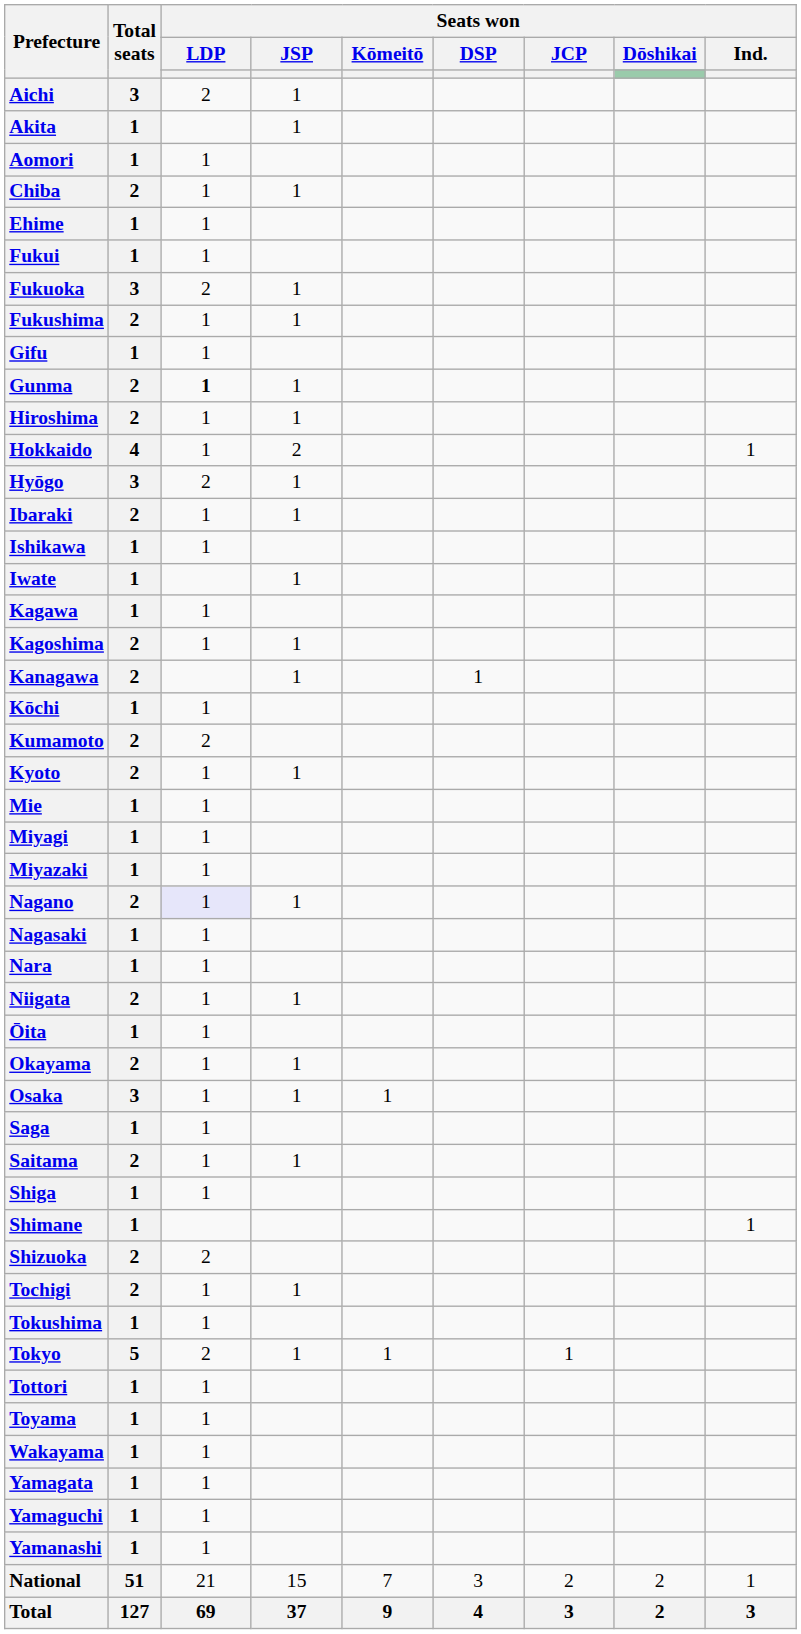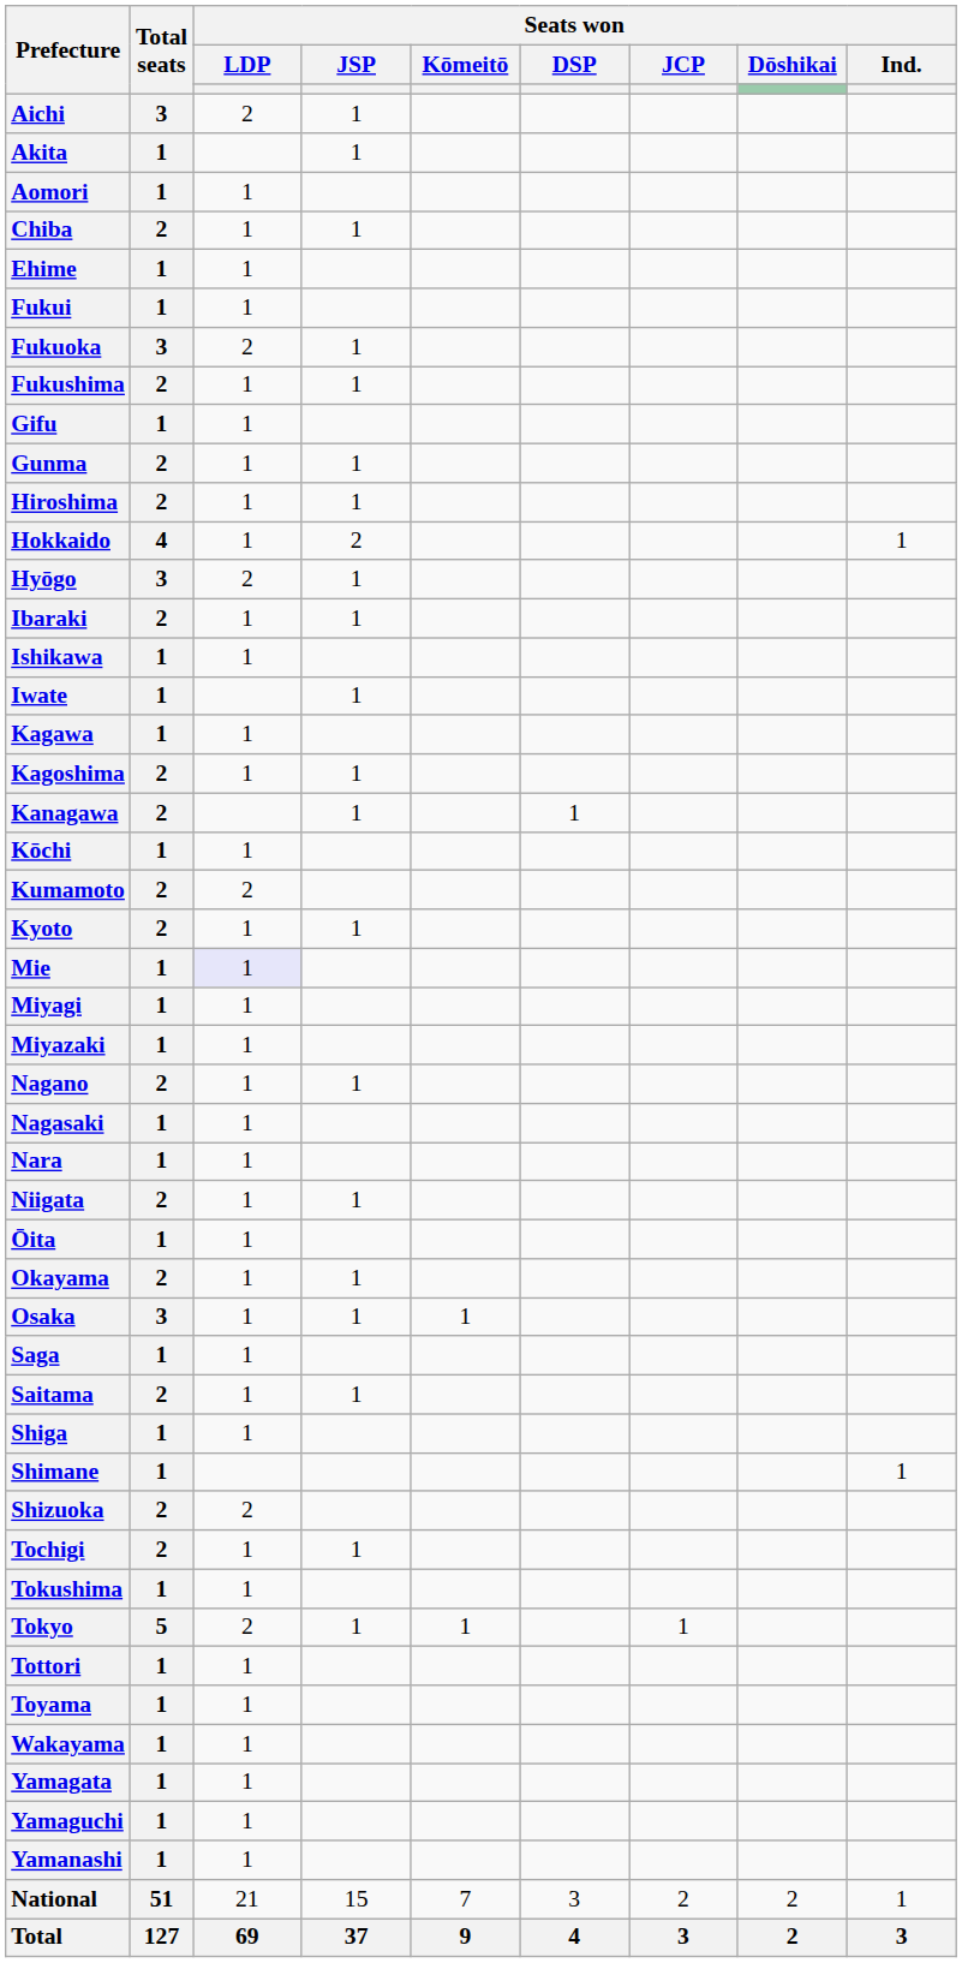 <table class="wikitable" style="text-align:center; font-size: 0.9em;">
 <tr>
 <th rowspan="3">Prefecture</th>
 <th rowspan="3">Total<br>seats</th>
 <th colspan="7">Seats won</th>
 </tr>
 <tr>
 <th class="unsortable" style="width:60px;"><a href='#'>LDP</a></th>
 <th class="unsortable" style="width:60px;"><a href='#'>JSP</a></th>
 <th class="unsortable" style="width:60px;"><a href='#'>Kōmeitō</a></th>
 <th class="unsortable" style="width:60px;"><a href='#'>DSP</a></th>
 <th class="unsortable" style="width:60px;"><a href='#'>JCP</a></th>
 <th class="unsortable" style="width:60px;"><a href='#'>Dōshikai</a></th>
 <th class="unsortable" style="width:60px;">Ind.</th>
 </tr>
 <tr>
 <th style="background:"></th>
 <th style="background:"></th>
 <th style="background:"></th>
 <th style="background:"></th>
 <th style="background:"></th>
 <th style="background:#9ACBAB;"></th>
 <th style="background:"></th>
 </tr>
 <tr>
 <th style="text-align: left;"><a href='#'>Aichi</a></th>
 <th>3</th>
 <td>2</td>
 <td>1</td>
 <td></td>
 <td></td>
 <td></td>
 <td></td>
 <td></td>
 </tr>
 <tr>
 <th style="text-align: left;"><a href='#'>Akita</a></th>
 <th>1</th>
 <td></td>
 <td>1</td>
 <td></td>
 <td></td>
 <td></td>
 <td></td>
 <td></td>
 </tr>
 <tr>
 <th style="text-align: left;"><a href='#'>Aomori</a></th>
 <th>1</th>
 <td>1</td>
 <td></td>
 <td></td>
 <td></td>
 <td></td>
 <td></td>
 <td></td>
 </tr>
 <tr>
 <th style="text-align: left;"><a href='#'>Chiba</a></th>
 <th>2</th>
 <td>1</td>
 <td>1</td>
 <td></td>
 <td></td>
 <td></td>
 <td></td>
 <td></td>
 </tr>
 <tr>
 <th style="text-align: left;"><a href='#'>Ehime</a></th>
 <th>1</th>
 <td>1</td>
 <td></td>
 <td></td>
 <td></td>
 <td></td>
 <td></td>
 <td></td>
 </tr>
 <tr>
 <th style="text-align: left;"><a href='#'>Fukui</a></th>
 <th>1</th>
 <td>1</td>
 <td></td>
 <td></td>
 <td></td>
 <td></td>
 <td></td>
 <td></td>
 </tr>
 <tr>
 <th style="text-align: left;"><a href='#'>Fukuoka</a></th>
 <th>3</th>
 <td>2</td>
 <td>1</td>
 <td></td>
 <td></td>
 <td></td>
 <td></td>
 <td></td>
 </tr>
 <tr>
 <th style="text-align: left;"><a href='#'>Fukushima</a></th>
 <th>2</th>
 <td>1</td>
 <td>1</td>
 <td></td>
 <td></td>
 <td></td>
 <td></td>
 <td></td>
 </tr>
 <tr>
 <th style="text-align: left;"><a href='#'>Gifu</a></th>
 <th>1</th>
 <td>1</td>
 <td></td>
 <td></td>
 <td></td>
 <td></td>
 <td></td>
 <td></td>
 </tr>
 <tr>
 <th style="text-align: left;"><a href='#'>Gunma</a></th>
 <th>2</th>
-<td><strong>1</strong></td>
+<td>1</td>
 <td>1</td>
 <td></td>
 <td></td>
 <td></td>
 <td></td>
 <td></td>
 </tr>
 <tr>
 <th style="text-align: left;"><a href='#'>Hiroshima</a></th>
 <th>2</th>
 <td>1</td>
 <td>1</td>
 <td></td>
 <td></td>
 <td></td>
 <td></td>
 <td></td>
 </tr>
 <tr>
 <th style="text-align: left;"><a href='#'>Hokkaido</a></th>
 <th>4</th>
 <td>1</td>
 <td>2</td>
 <td></td>
 <td></td>
 <td></td>
 <td></td>
 <td>1</td>
 </tr>
 <tr>
 <th style="text-align: left;"><a href='#'>Hyōgo</a></th>
 <th>3</th>
 <td>2</td>
 <td>1</td>
 <td></td>
 <td></td>
 <td></td>
 <td></td>
 <td></td>
 </tr>
 <tr>
 <th style="text-align: left;"><a href='#'>Ibaraki</a></th>
 <th>2</th>
 <td>1</td>
 <td>1</td>
 <td></td>
 <td></td>
 <td></td>
 <td></td>
 <td></td>
 </tr>
 <tr>
 <th style="text-align: left;"><a href='#'>Ishikawa</a></th>
 <th>1</th>
 <td>1</td>
 <td></td>
 <td></td>
 <td></td>
 <td></td>
 <td></td>
 <td></td>
 </tr>
 <tr>
 <th style="text-align: left;"><a href='#'>Iwate</a></th>
 <th>1</th>
 <td></td>
 <td>1</td>
 <td></td>
 <td></td>
 <td></td>
 <td></td>
 <td></td>
 </tr>
 <tr>
 <th style="text-align: left;"><a href='#'>Kagawa</a></th>
 <th>1</th>
 <td>1</td>
 <td></td>
 <td></td>
 <td></td>
 <td></td>
 <td></td>
 <td></td>
 </tr>
 <tr>
 <th style="text-align: left;"><a href='#'>Kagoshima</a></th>
 <th>2</th>
 <td>1</td>
 <td>1</td>
 <td></td>
 <td></td>
 <td></td>
 <td></td>
 <td></td>
 </tr>
 <tr>
 <th style="text-align: left;"><a href='#'>Kanagawa</a></th>
 <th>2</th>
 <td></td>
 <td>1</td>
 <td></td>
 <td>1</td>
 <td></td>
 <td></td>
 <td></td>
 </tr>
 <tr>
 <th style="text-align: left;"><a href='#'>Kōchi</a></th>
 <th>1</th>
 <td>1</td>
 <td></td>
 <td></td>
 <td></td>
 <td></td>
 <td></td>
 <td></td>
 </tr>
 <tr>
 <th style="text-align: left;"><a href='#'>Kumamoto</a></th>
 <th>2</th>
 <td>2</td>
 <td></td>
 <td></td>
 <td></td>
 <td></td>
 <td></td>
 <td></td>
 </tr>
 <tr>
 <th style="text-align: left;"><a href='#'>Kyoto</a></th>
 <th>2</th>
 <td>1</td>
 <td>1</td>
 <td></td>
 <td></td>
 <td></td>
 <td></td>
 <td></td>
 </tr>
 <tr>
 <th style="text-align: left;"><a href='#'>Mie</a></th>
 <th>1</th>
-<td>1</td>
+<td style="background: lavender;">1</td>
 <td></td>
 <td></td>
 <td></td>
 <td></td>
 <td></td>
 <td></td>
 </tr>
 <tr>
 <th style="text-align: left;"><a href='#'>Miyagi</a></th>
 <th>1</th>
 <td>1</td>
 <td></td>
 <td></td>
 <td></td>
 <td></td>
 <td></td>
 <td></td>
 </tr>
 <tr>
 <th style="text-align: left;"><a href='#'>Miyazaki</a></th>
 <th>1</th>
 <td>1</td>
 <td></td>
 <td></td>
 <td></td>
 <td></td>
 <td></td>
 <td></td>
 </tr>
 <tr>
 <th style="text-align: left;"><a href='#'>Nagano</a></th>
 <th>2</th>
-<td style="background: lavender;">1</td>
+<td>1</td>
 <td>1</td>
 <td></td>
 <td></td>
 <td></td>
 <td></td>
 <td></td>
 </tr>
 <tr>
 <th style="text-align: left;"><a href='#'>Nagasaki</a></th>
 <th>1</th>
 <td>1</td>
 <td></td>
 <td></td>
 <td></td>
 <td></td>
 <td></td>
 <td></td>
 </tr>
 <tr>
 <th style="text-align: left;"><a href='#'>Nara</a></th>
 <th>1</th>
 <td>1</td>
 <td></td>
 <td></td>
 <td></td>
 <td></td>
 <td></td>
 <td></td>
 </tr>
 <tr>
 <th style="text-align: left;"><a href='#'>Niigata</a></th>
 <th>2</th>
 <td>1</td>
 <td>1</td>
 <td></td>
 <td></td>
 <td></td>
 <td></td>
 <td></td>
 </tr>
 <tr>
 <th style="text-align: left;"><a href='#'>Ōita</a></th>
 <th>1</th>
 <td>1</td>
 <td></td>
 <td></td>
 <td></td>
 <td></td>
 <td></td>
 <td></td>
 </tr>
 <tr>
 <th style="text-align: left;"><a href='#'>Okayama</a></th>
 <th>2</th>
 <td>1</td>
 <td>1</td>
 <td></td>
 <td></td>
 <td></td>
 <td></td>
 <td></td>
 </tr>
 <tr>
 <th style="text-align: left;"><a href='#'>Osaka</a></th>
 <th>3</th>
 <td>1</td>
 <td>1</td>
 <td>1</td>
 <td></td>
 <td></td>
 <td></td>
 <td></td>
 </tr>
 <tr>
 <th style="text-align: left;"><a href='#'>Saga</a></th>
 <th>1</th>
 <td>1</td>
 <td></td>
 <td></td>
 <td></td>
 <td></td>
 <td></td>
 <td></td>
 </tr>
 <tr>
 <th style="text-align: left;"><a href='#'>Saitama</a></th>
 <th>2</th>
 <td>1</td>
 <td>1</td>
 <td></td>
 <td></td>
 <td></td>
 <td></td>
 <td></td>
 </tr>
 <tr>
 <th style="text-align: left;"><a href='#'>Shiga</a></th>
 <th>1</th>
 <td>1</td>
 <td></td>
 <td></td>
 <td></td>
 <td></td>
 <td></td>
 <td></td>
 </tr>
 <tr>
 <th style="text-align: left;"><a href='#'>Shimane</a></th>
 <th>1</th>
 <td></td>
 <td></td>
 <td></td>
 <td></td>
 <td></td>
 <td></td>
 <td>1</td>
 </tr>
 <tr>
 <th style="text-align: left;"><a href='#'>Shizuoka</a></th>
 <th>2</th>
 <td>2</td>
 <td></td>
 <td></td>
 <td></td>
 <td></td>
 <td></td>
 <td></td>
 </tr>
 <tr>
 <th style="text-align: left;"><a href='#'>Tochigi</a></th>
 <th>2</th>
 <td>1</td>
 <td>1</td>
 <td></td>
 <td></td>
 <td></td>
 <td></td>
 <td></td>
 </tr>
 <tr>
 <th style="text-align: left;"><a href='#'>Tokushima</a></th>
 <th>1</th>
 <td>1</td>
 <td></td>
 <td></td>
 <td></td>
 <td></td>
 <td></td>
 <td></td>
 </tr>
 <tr>
 <th style="text-align: left;"><a href='#'>Tokyo</a></th>
 <th>5</th>
 <td>2</td>
 <td>1</td>
 <td>1</td>
 <td></td>
 <td>1</td>
 <td></td>
 <td></td>
 </tr>
 <tr>
 <th style="text-align: left;"><a href='#'>Tottori</a></th>
 <th>1</th>
 <td>1</td>
 <td></td>
 <td></td>
 <td></td>
 <td></td>
 <td></td>
 <td></td>
 </tr>
 <tr>
 <th style="text-align: left;"><a href='#'>Toyama</a></th>
 <th>1</th>
 <td>1</td>
 <td></td>
 <td></td>
 <td></td>
 <td></td>
 <td></td>
 <td></td>
 </tr>
 <tr>
 <th style="text-align: left;"><a href='#'>Wakayama</a></th>
 <th>1</th>
 <td>1</td>
 <td></td>
 <td></td>
 <td></td>
 <td></td>
 <td></td>
 <td></td>
 </tr>
 <tr>
 <th style="text-align: left;"><a href='#'>Yamagata</a></th>
 <th>1</th>
 <td>1</td>
 <td></td>
 <td></td>
 <td></td>
 <td></td>
 <td></td>
 <td></td>
 </tr>
 <tr>
 <th style="text-align: left;"><a href='#'>Yamaguchi</a></th>
 <th>1</th>
 <td>1</td>
 <td></td>
 <td></td>
 <td></td>
 <td></td>
 <td></td>
 <td></td>
 </tr>
 <tr>
 <th style="text-align: left;"><a href='#'>Yamanashi</a></th>
 <th>1</th>
 <td>1</td>
 <td></td>
 <td></td>
 <td></td>
 <td></td>
 <td></td>
 <td></td>
 </tr>
 <tr>
 <th style="text-align: left;">National</th>
 <th>51</th>
 <td>21</td>
 <td>15</td>
 <td>7</td>
 <td>3</td>
 <td>2</td>
 <td>2</td>
 <td>1</td>
 </tr>
 <tr class="sortbottom">
 <th style="text-align: left;">Total</th>
 <th>127</th>
 <th>69</th>
 <th>37</th>
 <th>9</th>
 <th>4</th>
 <th>3</th>
 <th>2</th>
 <th>3</th>
 </tr>
 </table>
